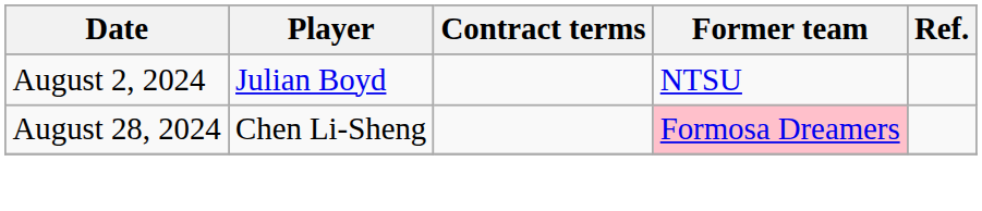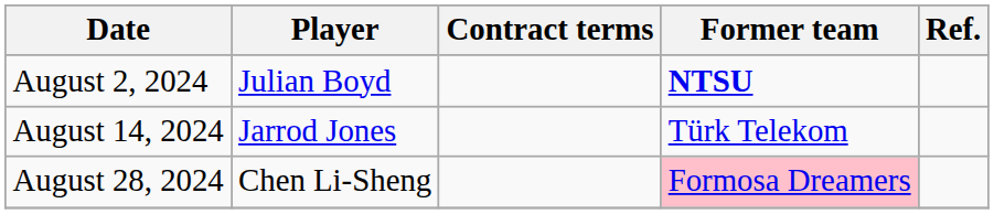 <table class="wikitable sortable sortable">
 <tr>
 <th>Date</th>
 <th>Player</th>
 <th>Contract terms</th>
 <th>Former team</th>
 <th>Ref.</th>
 </tr>
 <tr>
 <td>August 2, 2024</td>
 <td><a href='#'>Julian Boyd</a></td>
 <td></td>
-<td><a href='#'>NTSU</a></td>
+<td><strong><a href='#'>NTSU</a></strong></td>
+<td></td>
+</tr>
+<tr>
+<td>August 14, 2024</td>
+<td><a href='#'>Jarrod Jones</a></td>
+<td></td>
+<td><a href='#'>Türk Telekom</a></td>
 <td></td>
 </tr>
 <tr>
 <td>August 28, 2024</td>
 <td>Chen Li-Sheng</td>
 <td></td>
 <td style="background: pink;"><a href='#'>Formosa Dreamers</a></td>
 <td></td>
 </tr>
 <tr>
 </tr>
 </table>
